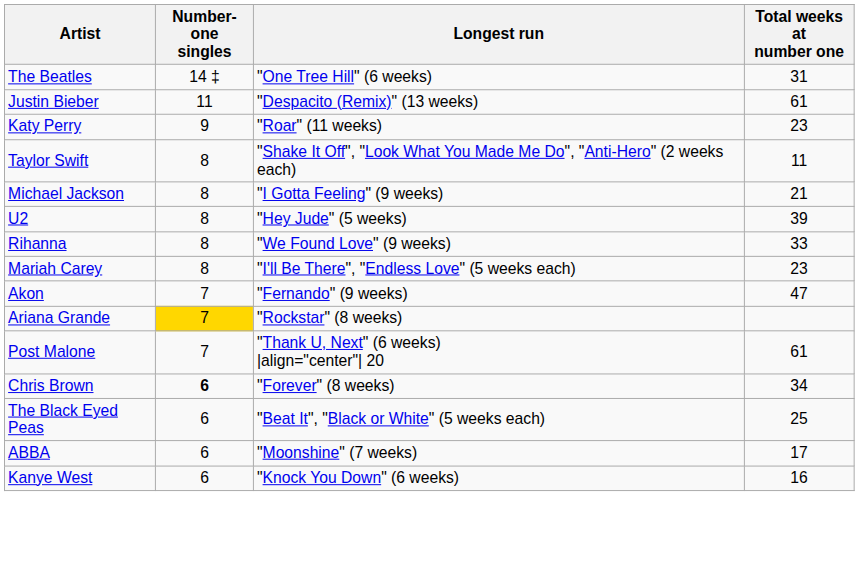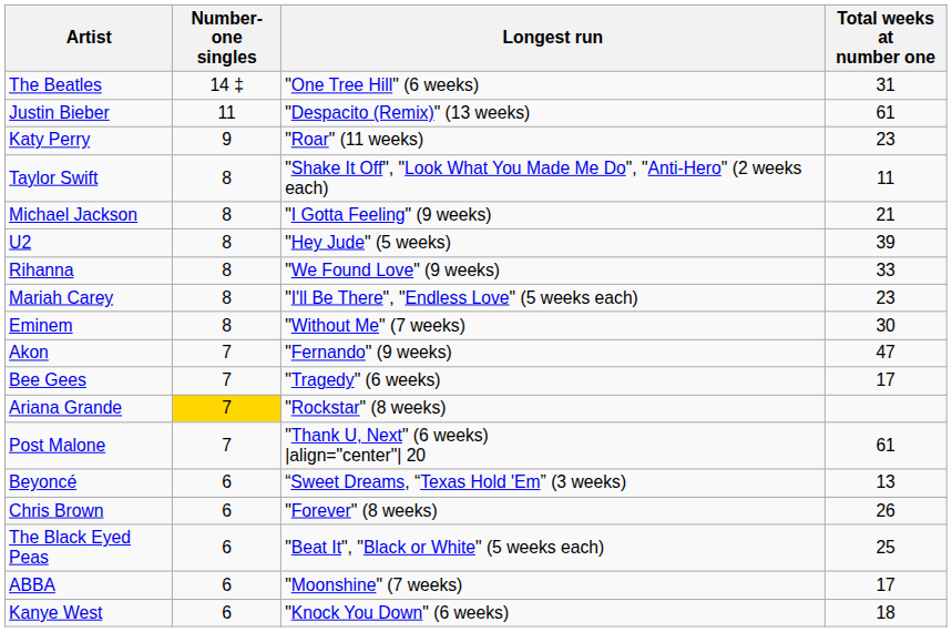 <table class="wikitable sortable">
 <tr>
 <th>Artist</th>
 <th>Number-one<br>singles</th>
 <th>Longest run</th>
 <th>Total weeks at<br>number one</th>
 </tr>
 <tr>
 <td><a href='#'>The Beatles</a></td>
 <td align="center">14 ‡</td>
 <td>"<a href='#'>One Tree Hill</a>" (6 weeks) </td>
 <td align="center">31</td>
 </tr>
 <tr>
 <td><a href='#'>Justin Bieber</a></td>
 <td align="center">11</td>
 <td>"<a href='#'>Despacito (Remix)</a>" (13 weeks) </td>
 <td align="center">61</td>
 </tr>
 <tr>
 <td><a href='#'>Katy Perry</a></td>
 <td align="center">9</td>
 <td>"<a href='#'>Roar</a>" (11 weeks) </td>
 <td align="center">23</td>
 </tr>
 <tr>
 <td><a href='#'>Taylor Swift</a></td>
 <td align="center">8</td>
 <td>"<a href='#'>Shake It Off</a>", "<a href='#'>Look What You Made Me Do</a>", "<a href='#'>Anti-Hero</a>" (2 weeks each) </td>
 <td align="center">11</td>
 </tr>
 <tr>
 <td><a href='#'>Michael Jackson</a></td>
 <td align="center">8</td>
 <td>"<a href='#'>I Gotta Feeling</a>" (9 weeks) </td>
 <td align="center">21</td>
 </tr>
 <tr>
 <td><a href='#'>U2</a></td>
 <td align="center">8</td>
 <td>"<a href='#'>Hey Jude</a>" (5 weeks) </td>
 <td align="center">39</td>
 </tr>
 <tr>
 <td><a href='#'>Rihanna</a></td>
 <td align="center">8</td>
 <td>"<a href='#'>We Found Love</a>" (9 weeks) </td>
 <td align="center">33</td>
 </tr>
 <tr>
 <td><a href='#'>Mariah Carey</a></td>
 <td align="center">8</td>
 <td>"<a href='#'>I'll Be There</a>", "<a href='#'>Endless Love</a>" (5 weeks each) </td>
 <td align="center">23</td>
 </tr>
 <tr>
+<td><a href='#'>Eminem</a></td>
+<td align="center">8</td>
+<td>"<a href='#'>Without Me</a>" (7 weeks) </td>
+<td align="center">30</td>
+</tr>
+<tr>
 <td><a href='#'>Akon</a></td>
 <td align="center">7</td>
 <td>"<a href='#'>Fernando</a>" (9 weeks) </td>
 <td align="center">47</td>
+</tr>
+<tr>
+<td><a href='#'>Bee Gees</a></td>
+<td align="center">7</td>
+<td>"<a href='#'>Tragedy</a>" (6 weeks) </td>
+<td align="center">17</td>
 </tr>
 <tr>
 <td><a href='#'>Ariana Grande</a></td>
 <td align="center" style="background: gold;">7</td>
 <td>"<a href='#'>Rockstar</a>" (8 weeks) </td>
 </tr>
 <tr>
 <td><a href='#'>Post Malone</a></td>
 <td align="center">7</td>
 <td>"<a href='#'>Thank U, Next</a>" (6 weeks)<br>|align="center"| 20</td>
 <td align="center">61</td>
 </tr>
 <tr>
+<td><a href='#'>Beyoncé</a></td>
+<td align="center">6</td>
+<td>“<a href='#'>Sweet Dreams</a>, “<a href='#'>Texas Hold 'Em</a>” (3 weeks)<br></td>
+<td align="center">13</td>
+</tr>
+<tr>
 <td><a href='#'>Chris Brown</a></td>
-<td align="center"><strong>6</strong></td>
+<td align="center">6</td>
 <td>"<a href='#'>Forever</a>" (8 weeks) </td>
-<td align="center">34</td>
+<td align="center">26</td>
 </tr>
 <tr>
 <td><a href='#'>The Black Eyed Peas</a></td>
 <td align="center">6</td>
 <td>"<a href='#'>Beat It</a>", "<a href='#'>Black or White</a>" (5 weeks each) </td>
 <td align="center">25</td>
 </tr>
 <tr>
 <td><a href='#'>ABBA</a></td>
 <td align="center">6</td>
 <td>"<a href='#'>Moonshine</a>" (7 weeks) </td>
 <td align="center">17</td>
 </tr>
 <tr>
 <td><a href='#'>Kanye West</a></td>
 <td align="center">6</td>
 <td>"<a href='#'>Knock You Down</a>" (6 weeks) </td>
-<td align="center">16</td>
+<td align="center">18</td>
 </tr>
 </table>
